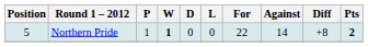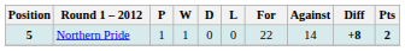 <table class="wikitable" style="text-align:center; font-size:85%;">
 <tr>
 <th width=40 abbr="Position">Position</th>
 <th width=100>Round 1 – 2012</th>
 <th width=20 abbr="Played">P</th>
 <th width=20 abbr="Won">W</th>
 <th width=20 abbr="Drawn">D</th>
 <th width=20 abbr="Lost">L</th>
 <th width=40 abbr="Points for">For</th>
 <th width=40 abbr="Points against">Against</th>
 <th width=40 abbr="Points difference">Diff</th>
 <th width=20 abbr="Points">Pts</th>
 </tr>
 <tr style="background: #d7ebed;">
-<td>5</td>
+<td><strong>5</strong></td>
 <td style="text-align:left;"> <a href='#'>Northern Pride</a></td>
 <td>1</td>
-<td><strong>1</strong></td>
+<td>1</td>
 <td>0</td>
 <td>0</td>
 <td>22</td>
 <td>14</td>
-<td>+8</td>
+<td><strong>+8</strong></td>
 <td><strong>2</strong></td>
 </tr>
 <tr>
 </tr>
 </table>
